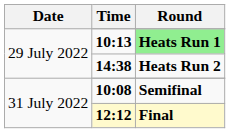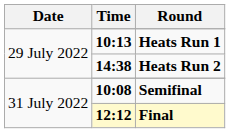 <table class="wikitable">
 <tr>
 <th>Date</th>
 <th>Time</th>
 <th>Round</th>
 </tr>
 <tr>
 <td rowspan=3>29 July 2022</td>
 </tr>
 <tr>
 <td><strong>10:13</strong></td>
-<td style="background: lightgreen;"><strong>Heats Run 1</strong></td>
+<td><strong>Heats Run 1</strong></td>
 </tr>
 <tr>
 <td><strong>14:38</strong></td>
 <td><strong>Heats Run 2</strong></td>
 </tr>
 <tr>
 <td rowspan=3>31 July 2022</td>
 </tr>
 <tr>
 <td><strong>10:08</strong></td>
 <td><strong>Semifinal</strong></td>
 </tr>
 <tr style=background:lemonchiffon>
 <td><strong>12:12</strong></td>
 <td><strong>Final</strong></td>
 </tr>
 </table>
